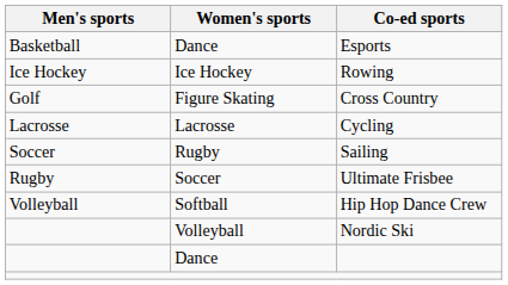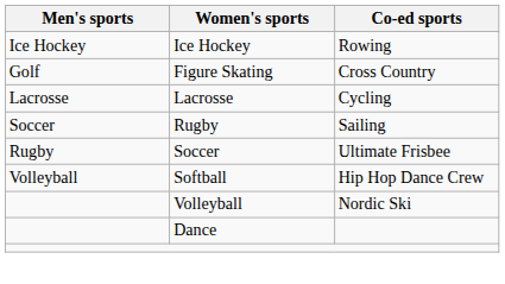 <table class="wikitable" style=" ">
 <tr>
 <th width=150px>Men's sports</th>
 <th width=150px>Women's sports</th>
 <th width=150px>Co-ed sports</th>
-</tr>
-<tr>
-<td>Basketball</td>
-<td>Dance</td>
-<td>Esports</td>
 </tr>
 <tr>
 <td>Ice Hockey</td>
 <td>Ice Hockey</td>
 <td>Rowing</td>
 </tr>
 <tr>
 <td>Golf</td>
 <td>Figure Skating</td>
 <td>Cross Country</td>
 </tr>
 <tr>
 <td>Lacrosse</td>
 <td>Lacrosse</td>
 <td>Cycling</td>
 </tr>
 <tr>
 <td>Soccer</td>
 <td>Rugby</td>
 <td>Sailing</td>
 </tr>
 <tr>
 <td>Rugby</td>
 <td>Soccer</td>
 <td>Ultimate Frisbee</td>
 </tr>
 <tr>
 <td>Volleyball</td>
 <td>Softball</td>
 <td>Hip Hop Dance Crew</td>
 </tr>
 <tr>
 <td></td>
 <td>Volleyball</td>
 <td>Nordic Ski</td>
 </tr>
 <tr>
 <td></td>
 <td>Dance</td>
 <td></td>
 </tr>
 <tr>
 <td colspan="3"></td>
 </tr>
 </table>
